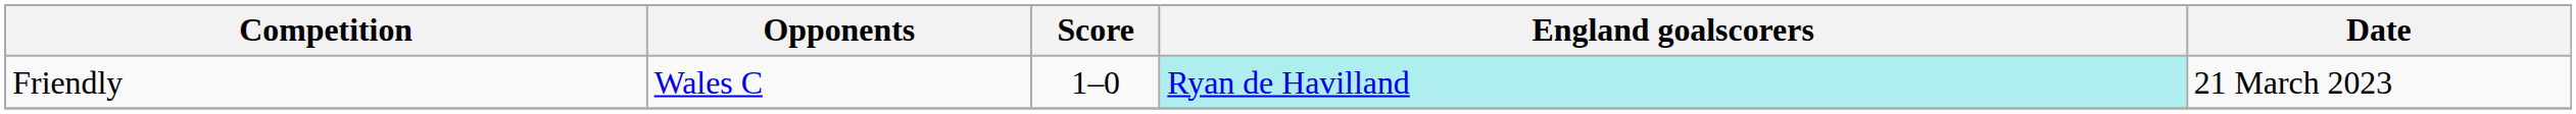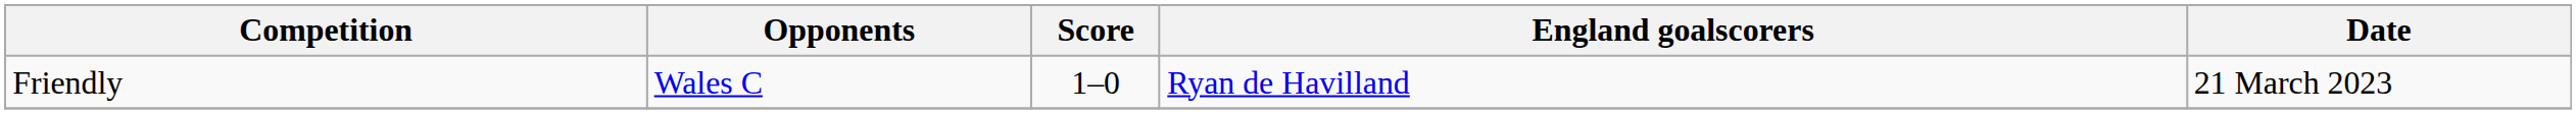 <table class="wikitable" style="width:100%;">
 <tr>
 <th width=25%>Competition</th>
 <th width=15%>Opponents</th>
 <th width=5%>Score</th>
 <th width=40%>England goalscorers</th>
 <th width=15%>Date</th>
 </tr>
 <tr>
 <td>Friendly</td>
 <td><a href='#'>Wales C</a></td>
 <td align=center>1–0</td>
-<td style="background: paleturquoise;"><a href='#'>Ryan de Havilland</a></td>
+<td><a href='#'>Ryan de Havilland</a></td>
 <td>21 March 2023</td>
 </tr>
 <tr>
 </tr>
 </table>
